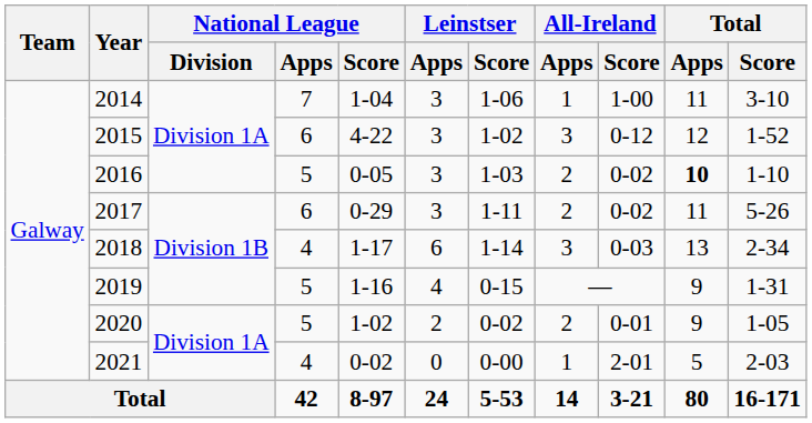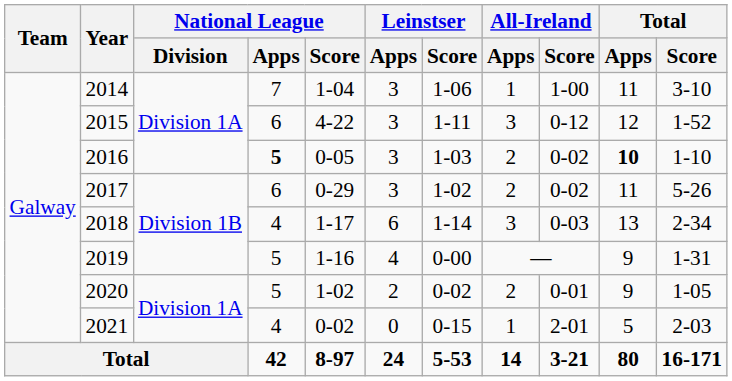 <table class="wikitable" style="text-align:center">
 <tr>
 <th rowspan="2">Team</th>
 <th rowspan="2">Year</th>
 <th colspan="3"><a href='#'>National League</a></th>
 <th colspan="2"><a href='#'>Leinstser</a></th>
 <th colspan="2"><a href='#'>All-Ireland</a></th>
 <th colspan="2">Total</th>
 </tr>
 <tr>
 <th>Division</th>
 <th>Apps</th>
 <th>Score</th>
 <th>Apps</th>
 <th>Score</th>
 <th>Apps</th>
 <th>Score</th>
 <th>Apps</th>
 <th>Score</th>
 </tr>
 <tr>
 <td rowspan="8"><a href='#'>Galway</a></td>
 <td>2014</td>
 <td rowspan="3"><a href='#'>Division 1A</a></td>
 <td>7</td>
 <td>1-04</td>
 <td>3</td>
 <td>1-06</td>
 <td>1</td>
 <td>1-00</td>
 <td>11</td>
 <td>3-10</td>
 </tr>
 <tr>
 <td>2015</td>
 <td>6</td>
 <td>4-22</td>
 <td>3</td>
-<td>1-02</td>
+<td>1-11</td>
 <td>3</td>
 <td>0-12</td>
 <td>12</td>
 <td>1-52</td>
 </tr>
 <tr>
 <td>2016</td>
-<td>5</td>
+<td><strong>5</strong></td>
 <td>0-05</td>
 <td>3</td>
 <td>1-03</td>
 <td>2</td>
 <td>0-02</td>
 <td><strong>10</strong></td>
 <td>1-10</td>
 </tr>
 <tr>
 <td>2017</td>
 <td rowspan="3"><a href='#'>Division 1B</a></td>
 <td>6</td>
 <td>0-29</td>
 <td>3</td>
-<td>1-11</td>
+<td>1-02</td>
 <td>2</td>
 <td>0-02</td>
 <td>11</td>
 <td>5-26</td>
 </tr>
 <tr>
 <td>2018</td>
 <td>4</td>
 <td>1-17</td>
 <td>6</td>
 <td>1-14</td>
 <td>3</td>
 <td>0-03</td>
 <td>13</td>
 <td>2-34</td>
 </tr>
 <tr>
 <td>2019</td>
 <td>5</td>
 <td>1-16</td>
 <td>4</td>
-<td>0-15</td>
+<td>0-00</td>
 <td colspan=2>—</td>
 <td>9</td>
 <td>1-31</td>
 </tr>
 <tr>
 <td>2020</td>
 <td rowspan="2"><a href='#'>Division 1A</a></td>
 <td>5</td>
 <td>1-02</td>
 <td>2</td>
 <td>0-02</td>
 <td>2</td>
 <td>0-01</td>
 <td>9</td>
 <td>1-05</td>
 </tr>
 <tr>
 <td>2021</td>
 <td>4</td>
 <td>0-02</td>
 <td>0</td>
-<td>0-00</td>
+<td>0-15</td>
 <td>1</td>
 <td>2-01</td>
 <td>5</td>
 <td>2-03</td>
 </tr>
 <tr>
 <th colspan="3">Total</th>
 <td><strong>42</strong></td>
 <td><strong>8-97</strong></td>
 <td><strong>24</strong></td>
 <td><strong>5-53</strong></td>
 <td><strong>14</strong></td>
 <td><strong>3-21</strong></td>
 <td><strong>80</strong></td>
 <td><strong>16-171</strong></td>
 </tr>
 </table>
